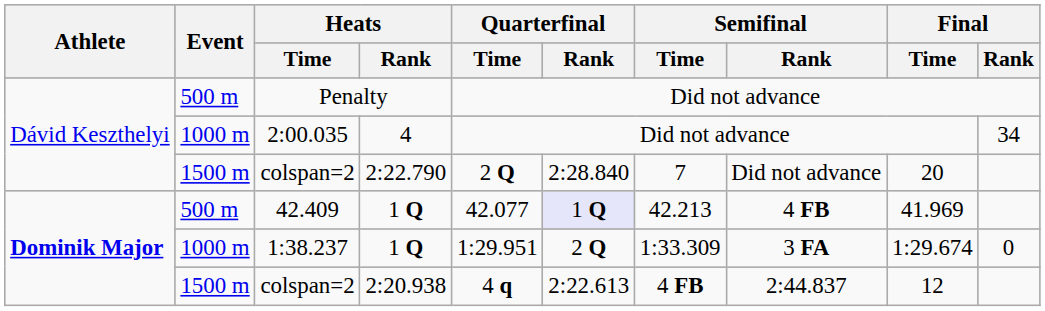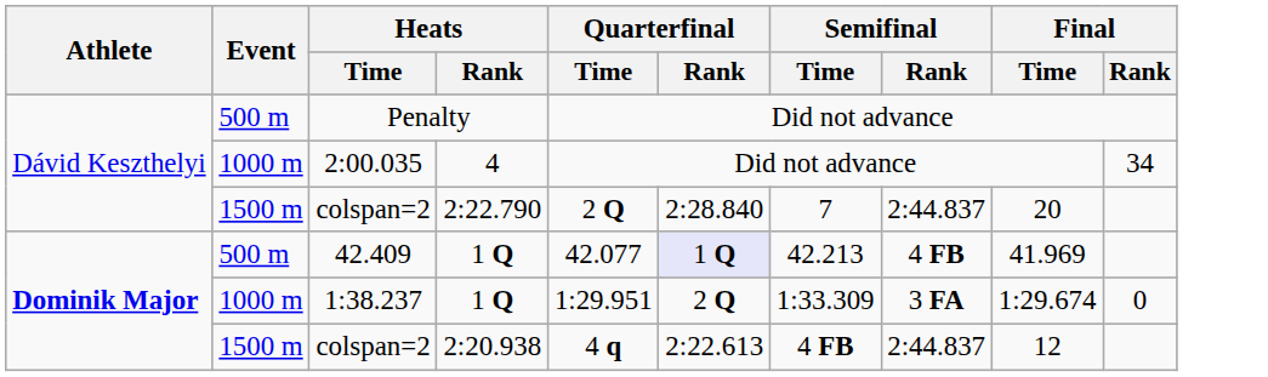 <table class="wikitable" style="font-size:90%">
 <tr>
 <th rowspan=2>Athlete</th>
 <th rowspan=2>Event</th>
 <th colspan=2>Heats</th>
 <th colspan=2>Quarterfinal</th>
 <th colspan=2>Semifinal</th>
 <th colspan=2>Final</th>
 </tr>
 <tr style="font-size:95%">
 <th>Time</th>
 <th>Rank</th>
 <th>Time</th>
 <th>Rank</th>
 <th>Time</th>
 <th>Rank</th>
 <th>Time</th>
 <th>Rank</th>
 </tr>
 <tr align=center>
 <td align=left rowspan=3><a href='#'>Dávid Keszthelyi</a></td>
 <td align=left><a href='#'>500 m</a></td>
 <td colspan=2>Penalty</td>
 <td colspan=6>Did not advance</td>
 </tr>
 <tr align=center>
 <td align=left><a href='#'>1000 m</a></td>
 <td>2:00.035</td>
 <td>4</td>
 <td colspan=5>Did not advance</td>
 <td>34</td>
 </tr>
 <tr align=center>
 <td align=left><a href='#'>1500 m</a></td>
 <td>colspan=2 </td>
 <td>2:22.790</td>
 <td>2 <strong>Q</strong></td>
 <td>2:28.840</td>
 <td>7</td>
-<td>Did not advance</td>
+<td>2:44.837</td>
 <td>20</td>
 </tr>
 <tr align=center>
 <td align=left rowspan=3><strong><a href='#'>Dominik Major</a></strong></td>
 <td align=left><a href='#'>500 m</a></td>
 <td>42.409</td>
 <td>1 <strong>Q</strong></td>
 <td>42.077</td>
 <td style="background: lavender;">1 <strong>Q</strong></td>
 <td>42.213</td>
 <td>4 <strong>FB</strong></td>
 <td>41.969</td>
 <td></td>
 </tr>
 <tr align=center>
 <td align=left><a href='#'>1000 m</a></td>
 <td>1:38.237</td>
 <td>1 <strong>Q</strong></td>
 <td>1:29.951</td>
 <td>2 <strong>Q</strong></td>
 <td>1:33.309</td>
 <td>3 <strong>FA</strong></td>
 <td>1:29.674</td>
 <td>0</td>
 </tr>
 <tr align=center>
 <td align=left><a href='#'>1500 m</a></td>
 <td>colspan=2 </td>
 <td>2:20.938</td>
 <td>4 <strong>q</strong></td>
 <td>2:22.613</td>
 <td>4 <strong>FB</strong></td>
 <td>2:44.837</td>
 <td>12</td>
 </tr>
 </table>
